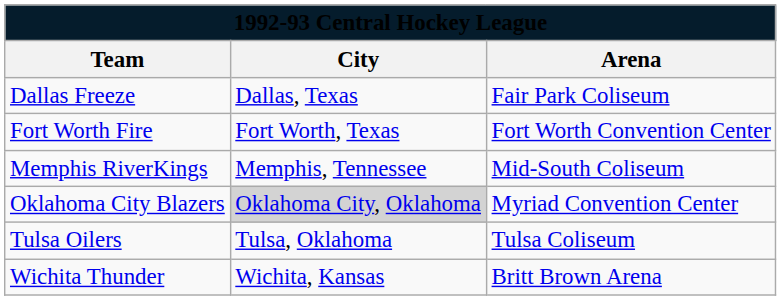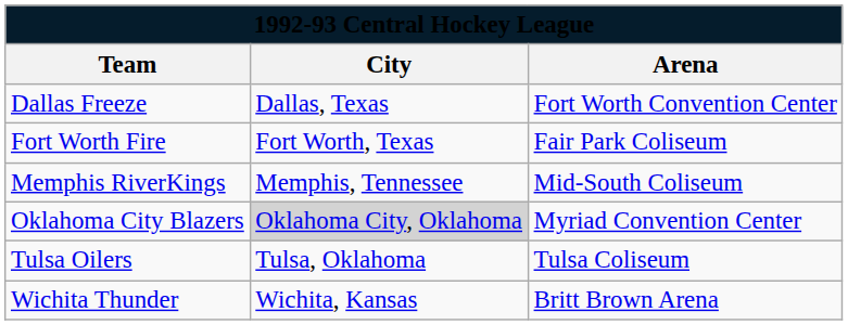 <table class="wikitable" style="width:auto">
 <tr>
 <td bgcolor="#051C2C" align="center" colspan="5"><strong><span>1992-93 Central Hockey League</span></strong></td>
 </tr>
 <tr>
 <th>Team</th>
 <th>City</th>
 <th>Arena</th>
 </tr>
 <tr>
 <td><a href='#'>Dallas Freeze</a></td>
 <td><a href='#'>Dallas</a>, <a href='#'>Texas</a></td>
-<td><a href='#'>Fair Park Coliseum</a></td>
+<td><a href='#'>Fort Worth Convention Center</a></td>
 </tr>
 <tr>
 <td><a href='#'>Fort Worth Fire</a></td>
 <td><a href='#'>Fort Worth</a>, <a href='#'>Texas</a></td>
-<td><a href='#'>Fort Worth Convention Center</a></td>
+<td><a href='#'>Fair Park Coliseum</a></td>
 </tr>
 <tr>
 <td><a href='#'>Memphis RiverKings</a></td>
 <td><a href='#'>Memphis</a>, <a href='#'>Tennessee</a></td>
 <td><a href='#'>Mid-South Coliseum</a></td>
 </tr>
 <tr>
 <td><a href='#'>Oklahoma City Blazers</a></td>
 <td style="background: lightgrey;"><a href='#'>Oklahoma City</a>, <a href='#'>Oklahoma</a></td>
 <td><a href='#'>Myriad Convention Center</a></td>
 </tr>
 <tr>
 <td><a href='#'>Tulsa Oilers</a></td>
 <td><a href='#'>Tulsa</a>, <a href='#'>Oklahoma</a></td>
 <td><a href='#'>Tulsa Coliseum</a></td>
 </tr>
 <tr>
 <td><a href='#'>Wichita Thunder</a></td>
 <td><a href='#'>Wichita</a>, <a href='#'>Kansas</a></td>
 <td><a href='#'>Britt Brown Arena</a></td>
 </tr>
 </table>
